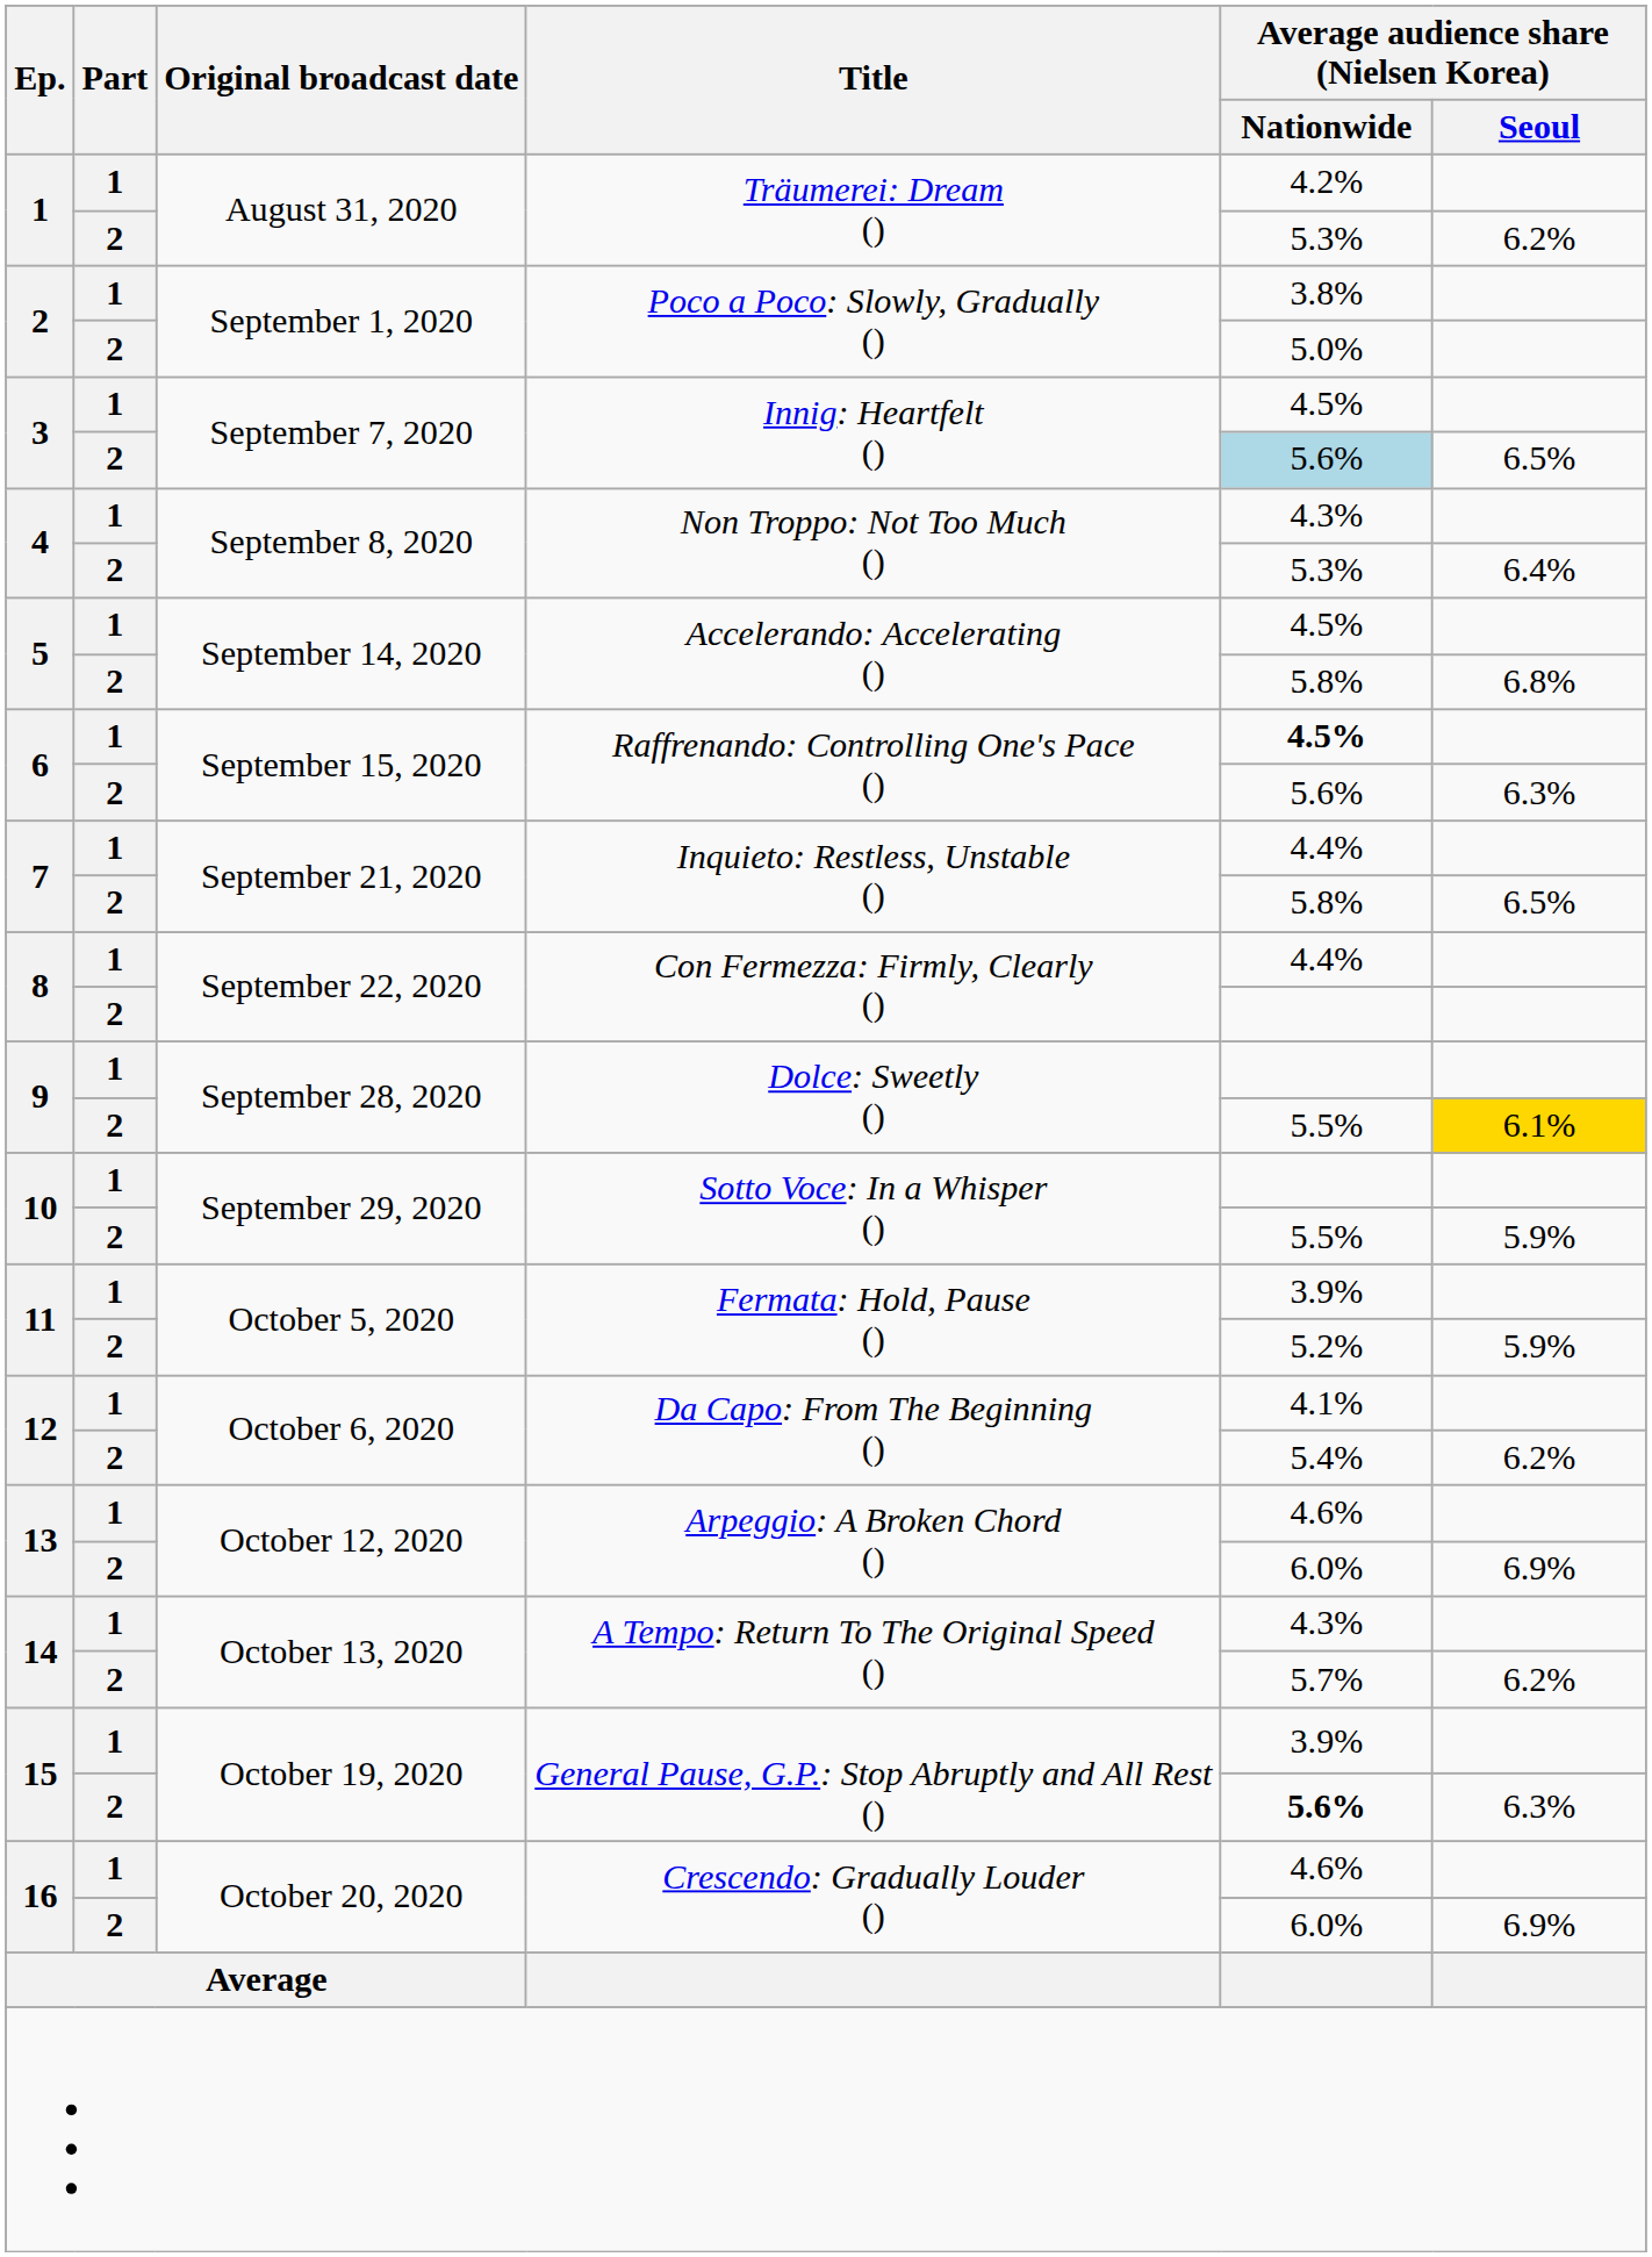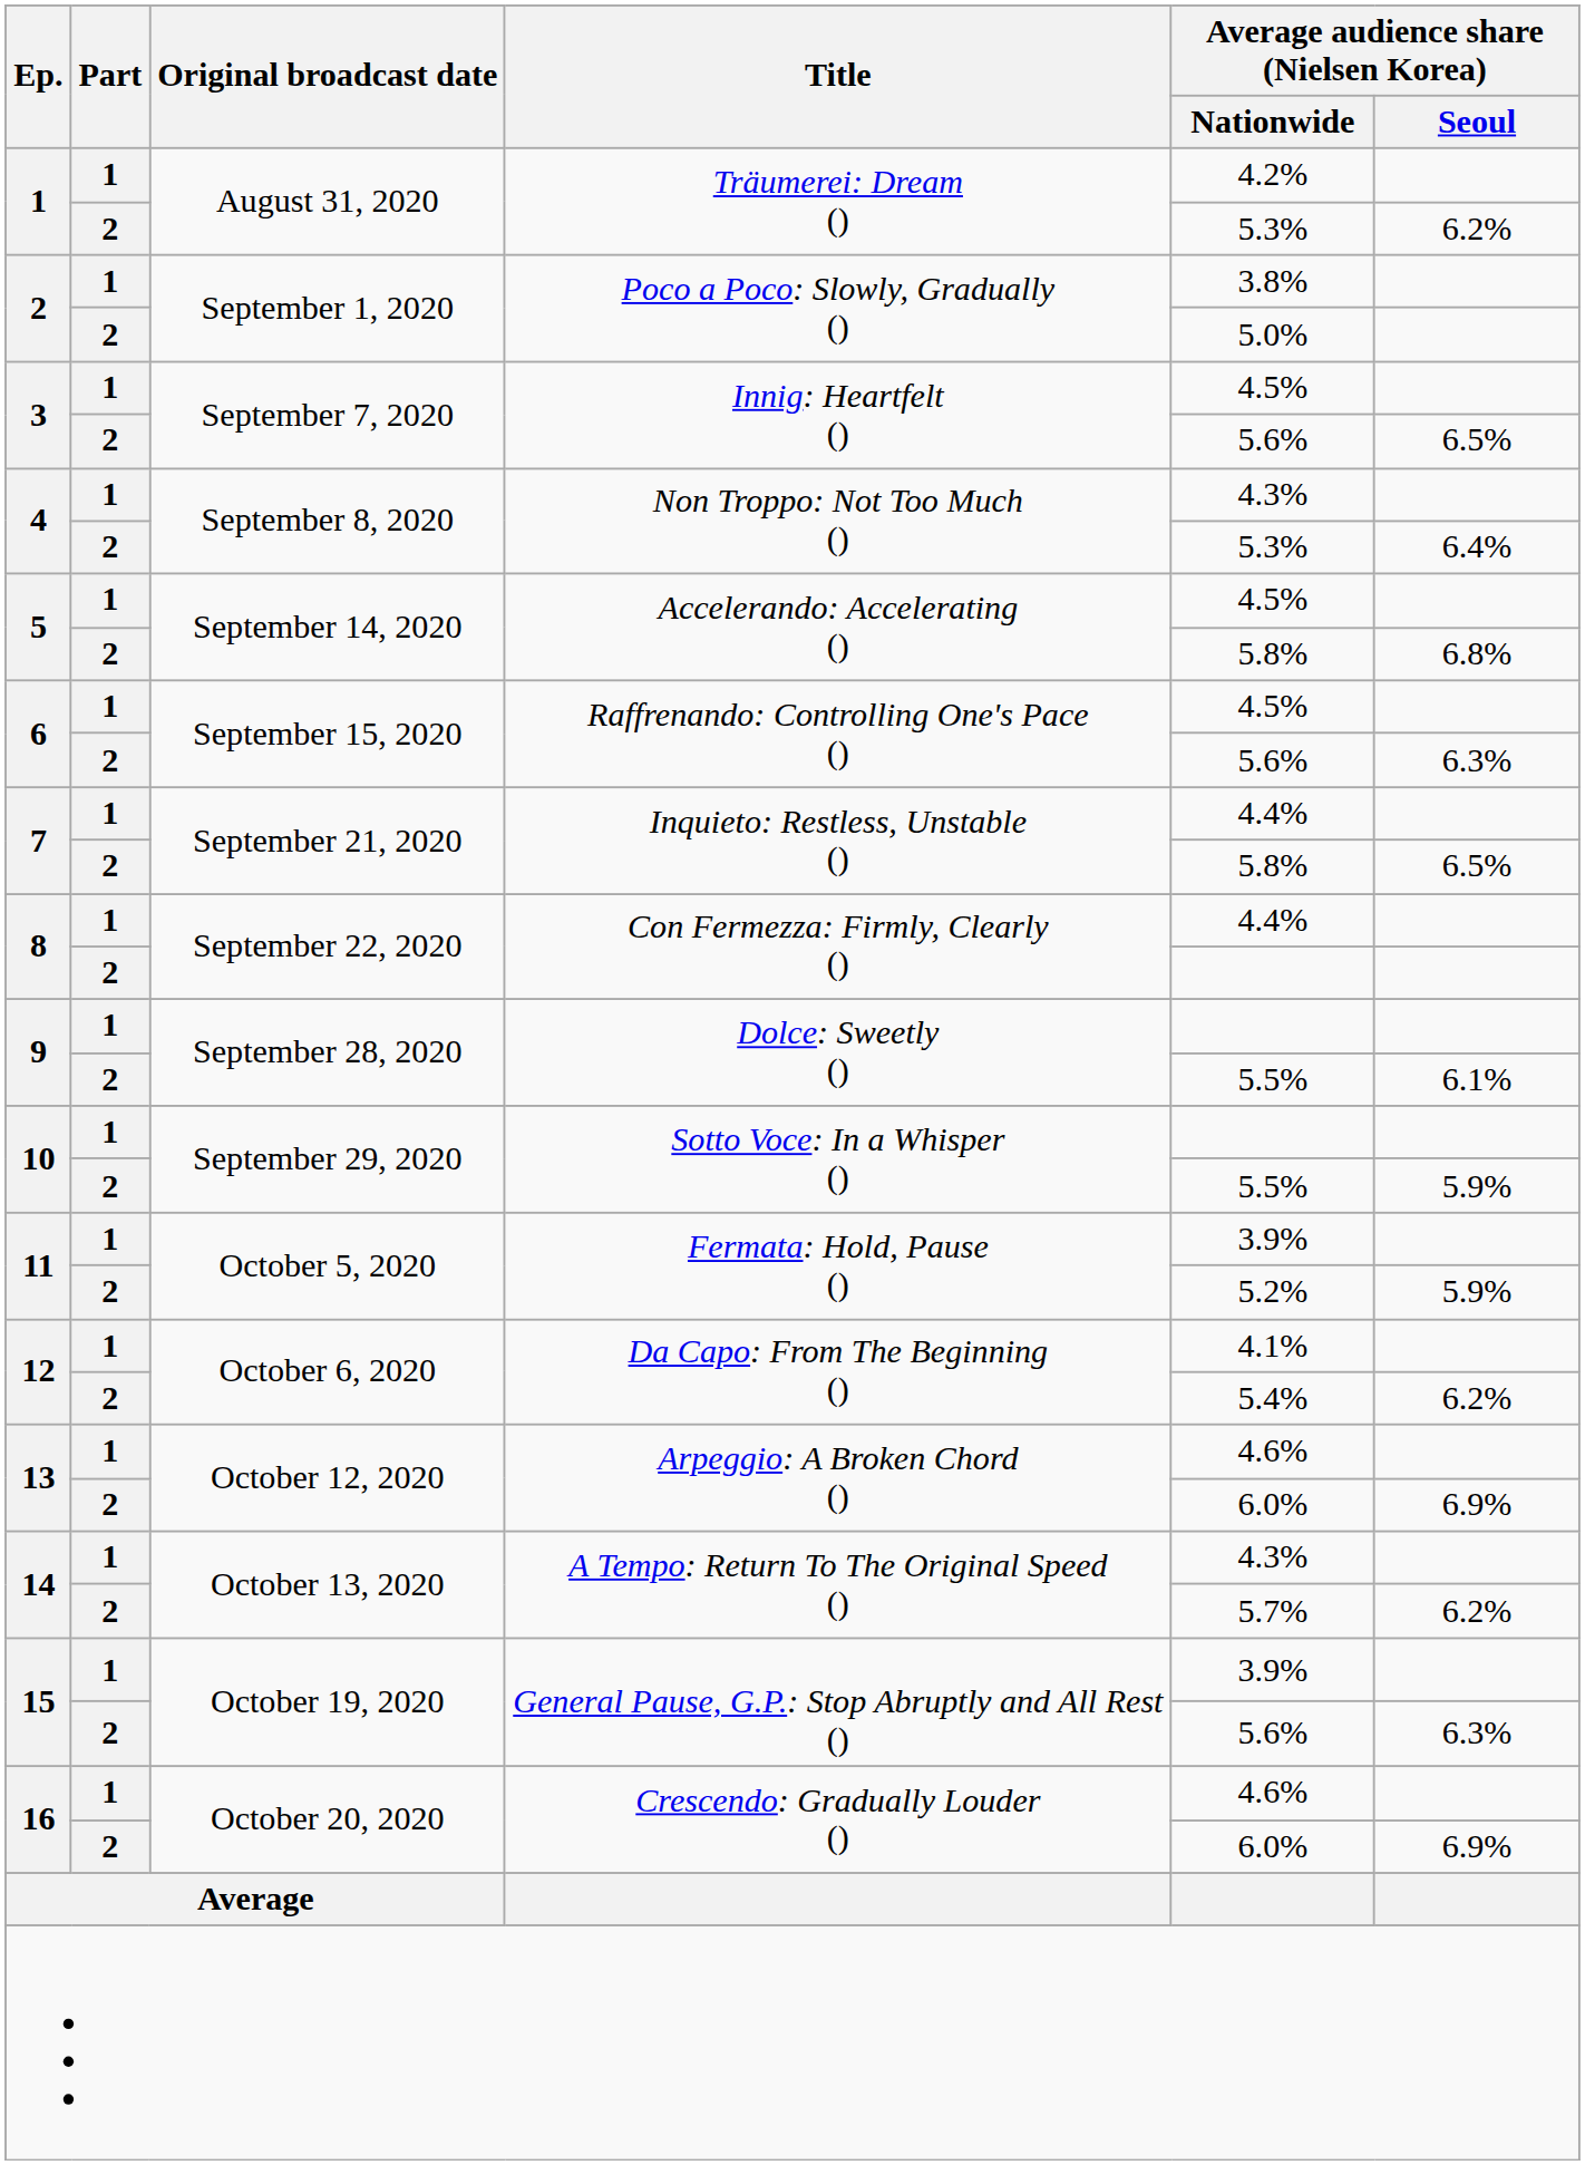 <table class="wikitable" style="text-align:center;max-width:850px; margin-left: auto; margin-right: auto; border: none;">
 <tr>
 </tr>
 <tr>
 <th rowspan="2">Ep.</th>
 <th rowspan="2">Part</th>
 <th rowspan="2">Original broadcast date</th>
 <th rowspan="2">Title</th>
 <th colspan="2">Average audience share<br>(Nielsen Korea)</th>
 </tr>
 <tr>
 <th width="90">Nationwide</th>
 <th width="90"><a href='#'>Seoul</a></th>
 </tr>
 <tr>
 <th rowspan="2">1</th>
 <th>1</th>
 <td rowspan="2">August 31, 2020</td>
 <td rowspan="2"><em><a href='#'>Träumerei: Dream</a></em><br>()</td>
 <td>4.2% </td>
 <td></td>
 </tr>
 <tr>
 <th>2</th>
 <td>5.3% </td>
 <td>6.2% </td>
 </tr>
 <tr>
 <th rowspan="2">2</th>
 <th>1</th>
 <td rowspan="2">September 1, 2020</td>
 <td rowspan="2"><em><a href='#'>Poco a Poco</a>: Slowly, Gradually</em><br>()</td>
 <td>3.8% </td>
 <td></td>
 </tr>
 <tr>
 <th>2</th>
 <td>5.0% </td>
 <td> </td>
 </tr>
 <tr>
 <th rowspan="2">3</th>
 <th>1</th>
 <td rowspan="2">September 7, 2020</td>
 <td rowspan="2"><em><a href='#'>Innig</a>: Heartfelt</em><br>()</td>
 <td>4.5% </td>
 <td></td>
 </tr>
 <tr>
 <th>2</th>
-<td style="background: lightblue;">5.6% </td>
+<td>5.6% </td>
 <td>6.5% </td>
 </tr>
 <tr>
 <th rowspan="2">4</th>
 <th>1</th>
 <td rowspan="2">September 8, 2020</td>
 <td rowspan="2"><em>Non Troppo: Not Too Much</em><br>()</td>
 <td>4.3% </td>
 <td></td>
 </tr>
 <tr>
 <th>2</th>
 <td>5.3% </td>
 <td>6.4% </td>
 </tr>
 <tr>
 <th rowspan="2">5</th>
 <th>1</th>
 <td rowspan="2">September 14, 2020</td>
 <td rowspan="2"><em>Accelerando: Accelerating</em><br>()</td>
 <td>4.5% </td>
 <td></td>
 </tr>
 <tr>
 <th>2</th>
 <td>5.8% </td>
 <td>6.8% </td>
 </tr>
 <tr>
 <th rowspan="2">6</th>
 <th>1</th>
 <td rowspan="2">September 15, 2020</td>
 <td rowspan="2"><em>Raffrenando: Controlling One's Pace</em><br>()</td>
-<td><strong>4.5% </strong></td>
+<td>4.5% </td>
 <td></td>
 </tr>
 <tr>
 <th>2</th>
 <td>5.6% </td>
 <td>6.3% </td>
 </tr>
 <tr>
 <th rowspan="2">7</th>
 <th>1</th>
 <td rowspan="2">September 21, 2020</td>
 <td rowspan="2"><em>Inquieto: Restless, Unstable</em><br>()</td>
 <td>4.4% </td>
 <td></td>
 </tr>
 <tr>
 <th>2</th>
 <td>5.8% </td>
 <td>6.5% </td>
 </tr>
 <tr>
 <th rowspan="2">8</th>
 <th>1</th>
 <td rowspan="2">September 22, 2020</td>
 <td rowspan="2"><em>Con Fermezza: Firmly, Clearly</em><br>()</td>
 <td>4.4% </td>
 <td></td>
 </tr>
 <tr>
 <th>2</th>
 <td> </td>
 <td> </td>
 </tr>
 <tr>
 <th rowspan="2">9</th>
 <th>1</th>
 <td rowspan="2">September 28, 2020</td>
 <td rowspan="2"><em><a href='#'>Dolce</a>: Sweetly</em><br>()</td>
 <td> </td>
 <td></td>
 </tr>
 <tr>
 <th>2</th>
 <td>5.5% </td>
-<td style="background: gold;">6.1% </td>
+<td>6.1% </td>
 </tr>
 <tr>
 <th rowspan="2">10</th>
 <th>1</th>
 <td rowspan="2">September 29, 2020</td>
 <td rowspan="2"><em><a href='#'>Sotto Voce</a>: In a Whisper</em><br>()</td>
 <td> </td>
 <td></td>
 </tr>
 <tr>
 <th>2</th>
 <td>5.5% </td>
 <td>5.9% </td>
 </tr>
 <tr>
 <th rowspan="2">11</th>
 <th>1</th>
 <td rowspan="2">October 5, 2020</td>
 <td rowspan="2"><em><a href='#'>Fermata</a>: Hold, Pause</em><br>()</td>
 <td>3.9% </td>
 <td></td>
 </tr>
 <tr>
 <th>2</th>
 <td>5.2% </td>
 <td>5.9% </td>
 </tr>
 <tr>
 <th rowspan="2">12</th>
 <th>1</th>
 <td rowspan="2">October 6, 2020</td>
 <td rowspan="2"><em><a href='#'>Da Capo</a>: From The Beginning</em><br>()</td>
 <td>4.1% </td>
 <td></td>
 </tr>
 <tr>
 <th>2</th>
 <td>5.4% </td>
 <td>6.2% </td>
 </tr>
 <tr>
 <th rowspan="2">13</th>
 <th>1</th>
 <td rowspan="2">October 12, 2020</td>
 <td rowspan="2"><em><a href='#'>Arpeggio</a>: A Broken Chord</em><br>()</td>
 <td>4.6% </td>
 <td></td>
 </tr>
 <tr>
 <th>2</th>
 <td>6.0% </td>
 <td>6.9% </td>
 </tr>
 <tr>
 <th rowspan="2">14</th>
 <th>1</th>
 <td rowspan="2">October 13, 2020</td>
 <td rowspan="2"><em><a href='#'>A Tempo</a>: Return To The Original Speed</em><br>()</td>
 <td>4.3% </td>
 <td></td>
 </tr>
 <tr>
 <th>2</th>
 <td>5.7% </td>
 <td>6.2% </td>
 </tr>
 <tr>
 <th rowspan="2">15</th>
 <th>1</th>
 <td rowspan="2">October 19, 2020</td>
 <td rowspan="2"><br><em><a href='#'>General Pause, G.P.</a>: Stop Abruptly and All Rest</em><br>()</td>
 <td>3.9% </td>
 <td></td>
 </tr>
 <tr>
 <th>2</th>
-<td><strong>5.6% </strong></td>
+<td>5.6% </td>
 <td>6.3% </td>
 </tr>
 <tr>
 <th rowspan="2">16</th>
 <th>1</th>
 <td rowspan="2">October 20, 2020</td>
 <td rowspan="2"><em><a href='#'>Crescendo</a>: Gradually Louder</em><br>()</td>
 <td>4.6% </td>
 <td></td>
 </tr>
 <tr>
 <th>2</th>
 <td>6.0% </td>
 <td>6.9% </td>
 </tr>
 <tr>
 <th colspan="3">Average</th>
 <th></th>
 <th></th>
 <th></th>
 </tr>
 <tr>
 <td colspan="7"><br><ul><li></li><li></li><li></li></ul></td>
 </tr>
 </table>
